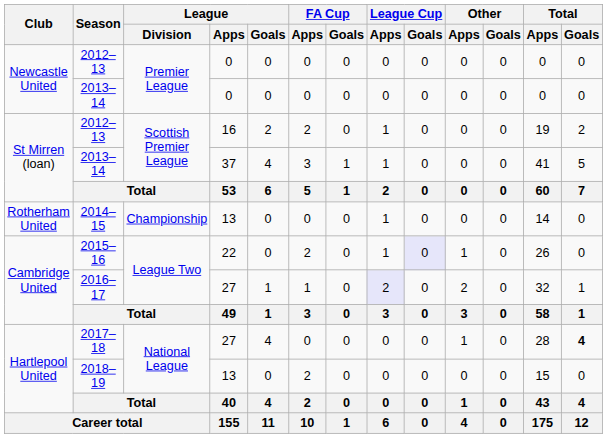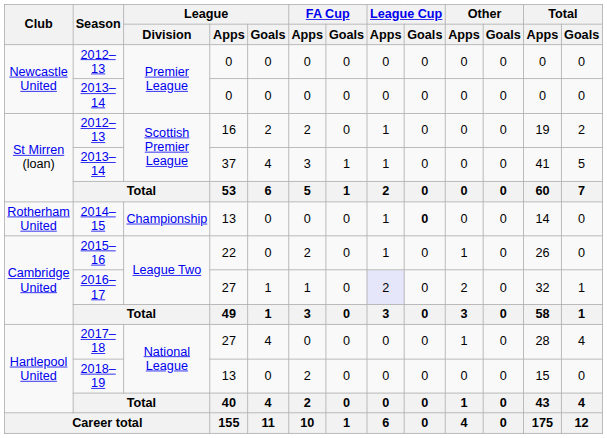 <table class="wikitable" style="text-align: center">
 <tr>
 <th rowspan="2">Club</th>
 <th rowspan="2">Season</th>
 <th colspan="3">League</th>
 <th colspan="2"><a href='#'>FA Cup</a></th>
 <th colspan="2"><a href='#'>League Cup</a></th>
 <th colspan="2">Other</th>
 <th colspan="2">Total</th>
 </tr>
 <tr>
 <th>Division</th>
 <th>Apps</th>
 <th>Goals</th>
 <th>Apps</th>
 <th>Goals</th>
 <th>Apps</th>
 <th>Goals</th>
 <th>Apps</th>
 <th>Goals</th>
 <th>Apps</th>
 <th>Goals</th>
 </tr>
 <tr>
 <td rowspan="2"><a href='#'>Newcastle United</a></td>
 <td><a href='#'>2012–13</a></td>
 <td rowspan="2"><a href='#'>Premier League</a></td>
 <td>0</td>
 <td>0</td>
 <td>0</td>
 <td>0</td>
 <td>0</td>
 <td>0</td>
 <td>0</td>
 <td>0</td>
 <td>0</td>
 <td>0</td>
 </tr>
 <tr>
 <td><a href='#'>2013–14</a></td>
 <td>0</td>
 <td>0</td>
 <td>0</td>
 <td>0</td>
 <td>0</td>
 <td>0</td>
 <td>0</td>
 <td>0</td>
 <td>0</td>
 <td>0</td>
 </tr>
 <tr>
 <td rowspan="3"><a href='#'>St Mirren</a> (loan)</td>
 <td><a href='#'>2012–13</a></td>
 <td rowspan="2"><a href='#'>Scottish Premier League</a></td>
 <td>16</td>
 <td>2</td>
 <td>2</td>
 <td>0</td>
 <td>1</td>
 <td>0</td>
 <td>0</td>
 <td>0</td>
 <td>19</td>
 <td>2</td>
 </tr>
 <tr>
 <td><a href='#'>2013–14</a></td>
 <td>37</td>
 <td>4</td>
 <td>3</td>
 <td>1</td>
 <td>1</td>
 <td>0</td>
 <td>0</td>
 <td>0</td>
 <td>41</td>
 <td>5</td>
 </tr>
 <tr>
 <th colspan=2>Total</th>
 <th>53</th>
 <th>6</th>
 <th>5</th>
 <th>1</th>
 <th>2</th>
 <th>0</th>
 <th>0</th>
 <th>0</th>
 <th>60</th>
 <th>7</th>
 </tr>
 <tr>
 <td><a href='#'>Rotherham United</a></td>
 <td><a href='#'>2014–15</a></td>
 <td><a href='#'>Championship</a></td>
 <td>13</td>
 <td>0</td>
 <td>0</td>
 <td>0</td>
 <td>1</td>
-<td>0</td>
+<td><strong>0</strong></td>
 <td>0</td>
 <td>0</td>
 <td>14</td>
 <td>0</td>
 </tr>
 <tr>
 <td rowspan="3"><a href='#'>Cambridge United</a></td>
 <td><a href='#'>2015–16</a></td>
 <td rowspan="2"><a href='#'>League Two</a></td>
 <td>22</td>
 <td>0</td>
 <td>2</td>
 <td>0</td>
 <td>1</td>
-<td style="background: lavender;">0</td>
+<td>0</td>
 <td>1</td>
 <td>0</td>
 <td>26</td>
 <td>0</td>
 </tr>
 <tr>
 <td><a href='#'>2016–17</a></td>
 <td>27</td>
 <td>1</td>
 <td>1</td>
 <td>0</td>
 <td style="background: lavender;">2</td>
 <td>0</td>
 <td>2</td>
 <td>0</td>
 <td>32</td>
 <td>1</td>
 </tr>
 <tr>
 <th colspan=2>Total</th>
 <th>49</th>
 <th>1</th>
 <th>3</th>
 <th>0</th>
 <th>3</th>
 <th>0</th>
 <th>3</th>
 <th>0</th>
 <th>58</th>
 <th>1</th>
 </tr>
 <tr>
 <td rowspan="3"><a href='#'>Hartlepool United</a></td>
 <td><a href='#'>2017–18</a></td>
 <td rowspan="2"><a href='#'>National League</a></td>
 <td>27</td>
 <td>4</td>
 <td>0</td>
 <td>0</td>
 <td>0</td>
 <td>0</td>
 <td>1</td>
 <td>0</td>
 <td>28</td>
-<td><strong>4</strong></td>
+<td>4</td>
 </tr>
 <tr>
 <td><a href='#'>2018–19</a></td>
 <td>13</td>
 <td>0</td>
 <td>2</td>
 <td>0</td>
 <td>0</td>
 <td>0</td>
 <td>0</td>
 <td>0</td>
 <td>15</td>
 <td>0</td>
 </tr>
 <tr>
 <th colspan=2>Total</th>
 <th>40</th>
 <th>4</th>
 <th>2</th>
 <th>0</th>
 <th>0</th>
 <th>0</th>
 <th>1</th>
 <th>0</th>
 <th>43</th>
 <th>4</th>
 </tr>
 <tr>
 <th colspan="3">Career total</th>
 <th>155</th>
 <th>11</th>
 <th>10</th>
 <th>1</th>
 <th>6</th>
 <th>0</th>
 <th>4</th>
 <th>0</th>
 <th>175</th>
 <th>12</th>
 </tr>
 </table>
